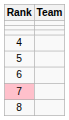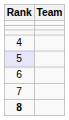 <table class="wikitable">
 <tr>
 <th>Rank</th>
 <th>Team</th>
 </tr>
 <tr>
 <td align=center></td>
 <td align="left"></td>
 </tr>
 <tr>
 <td align=center></td>
 <td align="left"></td>
 </tr>
 <tr>
 <td align=center></td>
 <td align="left"></td>
 </tr>
 <tr>
 <td align=center>4</td>
 <td align="left"></td>
 </tr>
 <tr>
-<td align=center>5</td>
+<td align=center style="background: lavender;">5</td>
 <td align="left"></td>
 </tr>
 <tr>
 <td align=center>6</td>
 <td align="left"></td>
 </tr>
 <tr>
-<td align=center style="background: pink;">7</td>
+<td align=center>7</td>
 <td align="left"></td>
 </tr>
 <tr>
-<td align=center>8</td>
+<td align=center><strong>8</strong></td>
 <td align="left"></td>
 </tr>
 </table>
